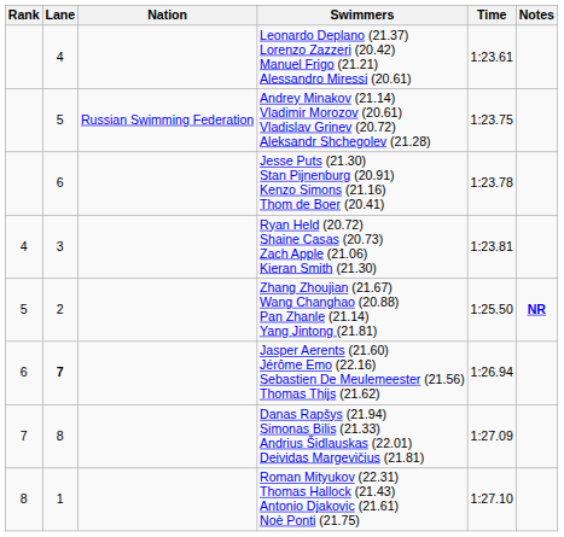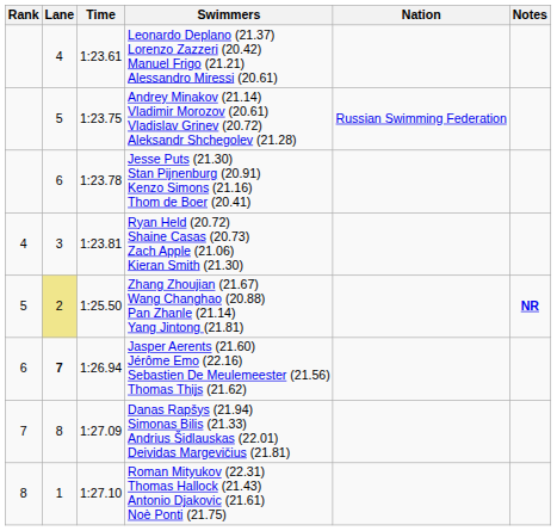 <table class="wikitable sortable" style="text-align:center">
 <tr>
 <th>Rank</th>
 <th>Lane</th>
+<th>Time</th>
+<th>Swimmers</th>
 <th>Nation</th>
-<th>Swimmers</th>
-<th>Time</th>
 <th>Notes</th>
 </tr>
 <tr>
 <td></td>
 <td>4</td>
+<td>1:23.61</td>
+<td align=left><a href='#'>Leonardo Deplano</a> (21.37)<br><a href='#'>Lorenzo Zazzeri</a> (20.42)<br><a href='#'>Manuel Frigo</a> (21.21)<br><a href='#'>Alessandro Miressi</a> (20.61)</td>
 <td align=left></td>
-<td align=left><a href='#'>Leonardo Deplano</a> (21.37)<br><a href='#'>Lorenzo Zazzeri</a> (20.42)<br><a href='#'>Manuel Frigo</a> (21.21)<br><a href='#'>Alessandro Miressi</a> (20.61)</td>
-<td>1:23.61</td>
 <td></td>
 </tr>
 <tr>
 <td></td>
 <td>5</td>
+<td>1:23.75</td>
+<td align=left><a href='#'>Andrey Minakov</a> (21.14)<br><a href='#'>Vladimir Morozov</a> (20.61)<br><a href='#'>Vladislav Grinev</a> (20.72)<br><a href='#'>Aleksandr Shchegolev</a> (21.28)</td>
 <td align=left><a href='#'>Russian Swimming Federation</a></td>
-<td align=left><a href='#'>Andrey Minakov</a> (21.14)<br><a href='#'>Vladimir Morozov</a> (20.61)<br><a href='#'>Vladislav Grinev</a> (20.72)<br><a href='#'>Aleksandr Shchegolev</a> (21.28)</td>
-<td>1:23.75</td>
 <td></td>
 </tr>
 <tr>
 <td></td>
 <td>6</td>
+<td>1:23.78</td>
+<td align=left><a href='#'>Jesse Puts</a> (21.30)<br><a href='#'>Stan Pijnenburg</a> (20.91)<br><a href='#'>Kenzo Simons</a> (21.16)<br><a href='#'>Thom de Boer</a> (20.41)</td>
 <td align=left></td>
-<td align=left><a href='#'>Jesse Puts</a> (21.30)<br><a href='#'>Stan Pijnenburg</a> (20.91)<br><a href='#'>Kenzo Simons</a> (21.16)<br><a href='#'>Thom de Boer</a> (20.41)</td>
-<td>1:23.78</td>
 <td></td>
 </tr>
 <tr>
 <td>4</td>
 <td>3</td>
+<td>1:23.81</td>
+<td align=left><a href='#'>Ryan Held</a> (20.72)<br><a href='#'>Shaine Casas</a> (20.73)<br><a href='#'>Zach Apple</a> (21.06)<br><a href='#'>Kieran Smith</a> (21.30)</td>
 <td align=left></td>
-<td align=left><a href='#'>Ryan Held</a> (20.72)<br><a href='#'>Shaine Casas</a> (20.73)<br><a href='#'>Zach Apple</a> (21.06)<br><a href='#'>Kieran Smith</a> (21.30)</td>
-<td>1:23.81</td>
 <td></td>
 </tr>
 <tr>
 <td>5</td>
-<td>2</td>
+<td style="background: khaki;">2</td>
+<td>1:25.50</td>
+<td align=left><a href='#'>Zhang Zhoujian</a> (21.67)<br><a href='#'>Wang Changhao</a> (20.88)<br><a href='#'>Pan Zhanle</a> (21.14)<br><a href='#'>Yang Jintong </a> (21.81)</td>
 <td align=left></td>
-<td align=left><a href='#'>Zhang Zhoujian</a> (21.67)<br><a href='#'>Wang Changhao</a> (20.88)<br><a href='#'>Pan Zhanle</a> (21.14)<br><a href='#'>Yang Jintong </a> (21.81)</td>
-<td>1:25.50</td>
 <td><strong><a href='#'>NR</a></strong></td>
 </tr>
 <tr>
 <td>6</td>
 <td><strong>7</strong></td>
+<td>1:26.94</td>
+<td align=left><a href='#'>Jasper Aerents</a> (21.60)<br><a href='#'>Jérôme Emo</a> (22.16)<br><a href='#'>Sebastien De Meulemeester</a> (21.56)<br><a href='#'>Thomas Thijs</a> (21.62)</td>
 <td align=left></td>
-<td align=left><a href='#'>Jasper Aerents</a> (21.60)<br><a href='#'>Jérôme Emo</a> (22.16)<br><a href='#'>Sebastien De Meulemeester</a> (21.56)<br><a href='#'>Thomas Thijs</a> (21.62)</td>
-<td>1:26.94</td>
 <td></td>
 </tr>
 <tr>
 <td>7</td>
 <td>8</td>
+<td>1:27.09</td>
+<td align=left><a href='#'>Danas Rapšys</a> (21.94)<br><a href='#'>Simonas Bilis</a> (21.33)<br><a href='#'>Andrius Šidlauskas</a> (22.01)<br><a href='#'>Deividas Margevičius</a> (21.81)</td>
 <td align=left></td>
-<td align=left><a href='#'>Danas Rapšys</a> (21.94)<br><a href='#'>Simonas Bilis</a> (21.33)<br><a href='#'>Andrius Šidlauskas</a> (22.01)<br><a href='#'>Deividas Margevičius</a> (21.81)</td>
-<td>1:27.09</td>
 <td></td>
 </tr>
 <tr>
 <td>8</td>
 <td>1</td>
+<td>1:27.10</td>
+<td align=left><a href='#'>Roman Mityukov</a> (22.31)<br><a href='#'>Thomas Hallock</a> (21.43)<br><a href='#'>Antonio Djakovic</a> (21.61)<br><a href='#'>Noè Ponti</a> (21.75)</td>
 <td align=left></td>
-<td align=left><a href='#'>Roman Mityukov</a> (22.31)<br><a href='#'>Thomas Hallock</a> (21.43)<br><a href='#'>Antonio Djakovic</a> (21.61)<br><a href='#'>Noè Ponti</a> (21.75)</td>
-<td>1:27.10</td>
 <td></td>
 </tr>
 </table>
